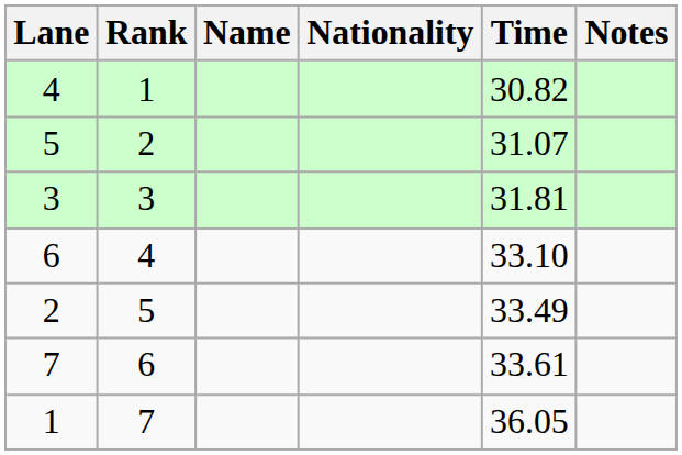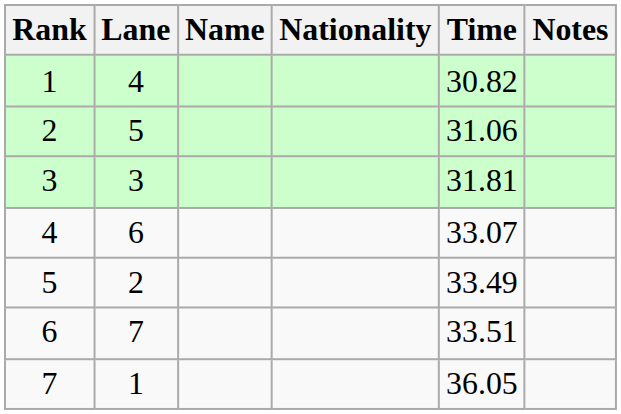 <table class="wikitable sortable" style="text-align:center">
 <tr>
+<th>Rank</th>
 <th>Lane</th>
-<th>Rank</th>
 <th>Name</th>
 <th>Nationality</th>
 <th>Time</th>
 <th>Notes</th>
 </tr>
 <tr bgcolor=ccffcc>
+<td>1</td>
 <td>4</td>
-<td>1</td>
 <td align=left></td>
 <td align=left></td>
 <td>30.82</td>
 <td><strong></strong></td>
 </tr>
 <tr bgcolor=ccffcc>
+<td>2</td>
 <td>5</td>
-<td>2</td>
 <td align=left></td>
 <td align=left></td>
-<td>31.07</td>
+<td>31.06</td>
 <td><strong></strong></td>
 </tr>
 <tr bgcolor=ccffcc>
 <td>3</td>
 <td>3</td>
 <td align=left></td>
 <td align=left></td>
 <td>31.81</td>
 <td><strong></strong></td>
 </tr>
 <tr>
+<td>4</td>
 <td>6</td>
-<td>4</td>
 <td align=left></td>
 <td align=left></td>
-<td>33.10</td>
+<td>33.07</td>
 <td></td>
 </tr>
 <tr>
+<td>5</td>
 <td>2</td>
-<td>5</td>
 <td align=left></td>
 <td align=left></td>
 <td>33.49</td>
 <td></td>
 </tr>
 <tr>
+<td>6</td>
 <td>7</td>
-<td>6</td>
 <td align=left></td>
 <td align=left></td>
-<td>33.61</td>
+<td>33.51</td>
 <td></td>
 </tr>
 <tr>
+<td>7</td>
 <td>1</td>
-<td>7</td>
 <td align=left></td>
 <td align=left></td>
 <td>36.05</td>
 <td></td>
 </tr>
 </table>
